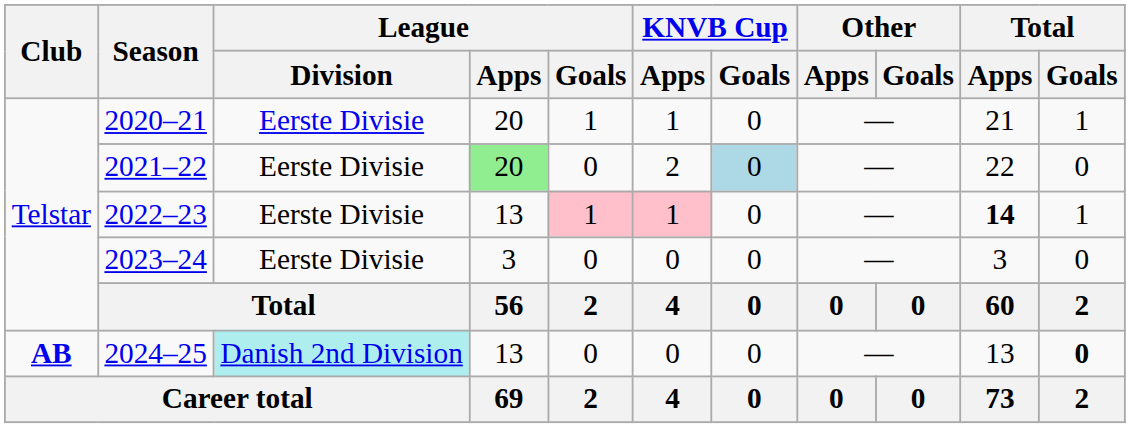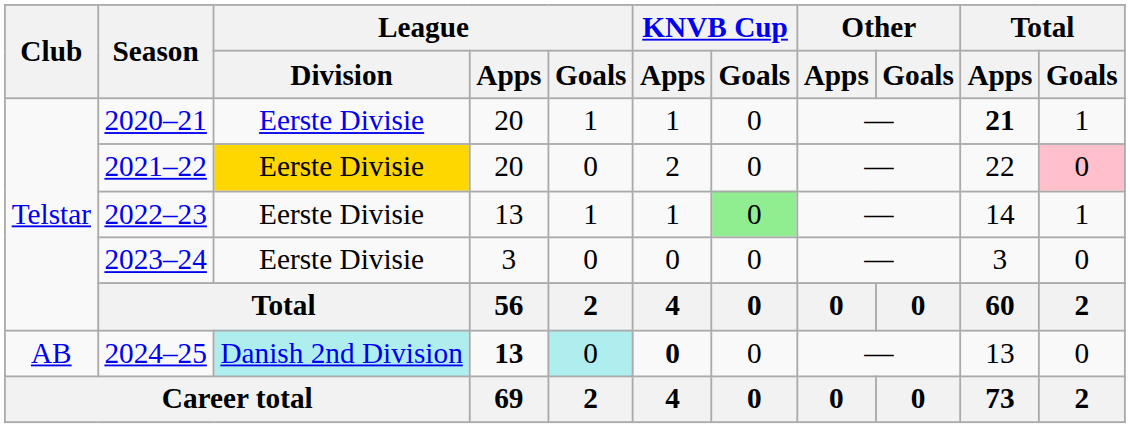 <table class="wikitable" style="text-align:center">
 <tr>
 <th rowspan="2">Club</th>
 <th rowspan="2">Season</th>
 <th colspan="3">League</th>
 <th colspan="2"><a href='#'>KNVB Cup</a></th>
 <th colspan="2">Other</th>
 <th colspan="2">Total</th>
 </tr>
 <tr>
 <th>Division</th>
 <th>Apps</th>
 <th>Goals</th>
 <th>Apps</th>
 <th>Goals</th>
 <th>Apps</th>
 <th>Goals</th>
 <th>Apps</th>
 <th>Goals</th>
 </tr>
 <tr>
 <td rowspan="5"><a href='#'>Telstar</a></td>
 <td><a href='#'>2020–21</a></td>
 <td><a href='#'>Eerste Divisie</a></td>
 <td>20</td>
 <td>1</td>
 <td>1</td>
 <td>0</td>
 <td colspan="2">—</td>
-<td>21</td>
+<td><strong>21</strong></td>
 <td>1</td>
 </tr>
 <tr>
 <td><a href='#'>2021–22</a></td>
-<td>Eerste Divisie</td>
-<td style="background: lightgreen;">20</td>
+<td style="background: gold;">Eerste Divisie</td>
+<td>20</td>
 <td>0</td>
 <td>2</td>
-<td style="background: lightblue;">0</td>
+<td>0</td>
 <td colspan="2">—</td>
 <td>22</td>
-<td>0</td>
+<td style="background: pink;">0</td>
 </tr>
 <tr>
 <td><a href='#'>2022–23</a></td>
 <td>Eerste Divisie</td>
 <td>13</td>
-<td style="background: pink;">1</td>
-<td style="background: pink;">1</td>
-<td>0</td>
+<td>1</td>
+<td>1</td>
+<td style="background: lightgreen;">0</td>
 <td colspan="2">—</td>
-<td><strong>14</strong></td>
+<td>14</td>
 <td>1</td>
 </tr>
 <tr>
 <td><a href='#'>2023–24</a></td>
 <td>Eerste Divisie</td>
 <td>3</td>
 <td>0</td>
 <td>0</td>
 <td>0</td>
 <td colspan="2">—</td>
 <td>3</td>
 <td>0</td>
 </tr>
 <tr>
 <th colspan="2">Total</th>
 <th>56</th>
 <th>2</th>
 <th>4</th>
 <th>0</th>
 <th>0</th>
 <th>0</th>
 <th>60</th>
 <th>2</th>
 </tr>
 <tr>
-<td rowspan="1"><strong><a href='#'>AB</a></strong></td>
+<td rowspan="1"><a href='#'>AB</a></td>
 <td><a href='#'>2024–25</a></td>
 <td style="background: paleturquoise;"><a href='#'>Danish 2nd Division</a></td>
-<td>13</td>
-<td>0</td>
-<td>0</td>
+<td><strong>13</strong></td>
+<td style="background: paleturquoise;">0</td>
+<td><strong>0</strong></td>
 <td>0</td>
 <td colspan="2">—</td>
 <td>13</td>
-<td><strong>0</strong></td>
+<td>0</td>
 </tr>
 <tr>
 <th colspan="3">Career total</th>
 <th>69</th>
 <th>2</th>
 <th>4</th>
 <th>0</th>
 <th>0</th>
 <th>0</th>
 <th>73</th>
 <th>2</th>
 </tr>
 </table>
